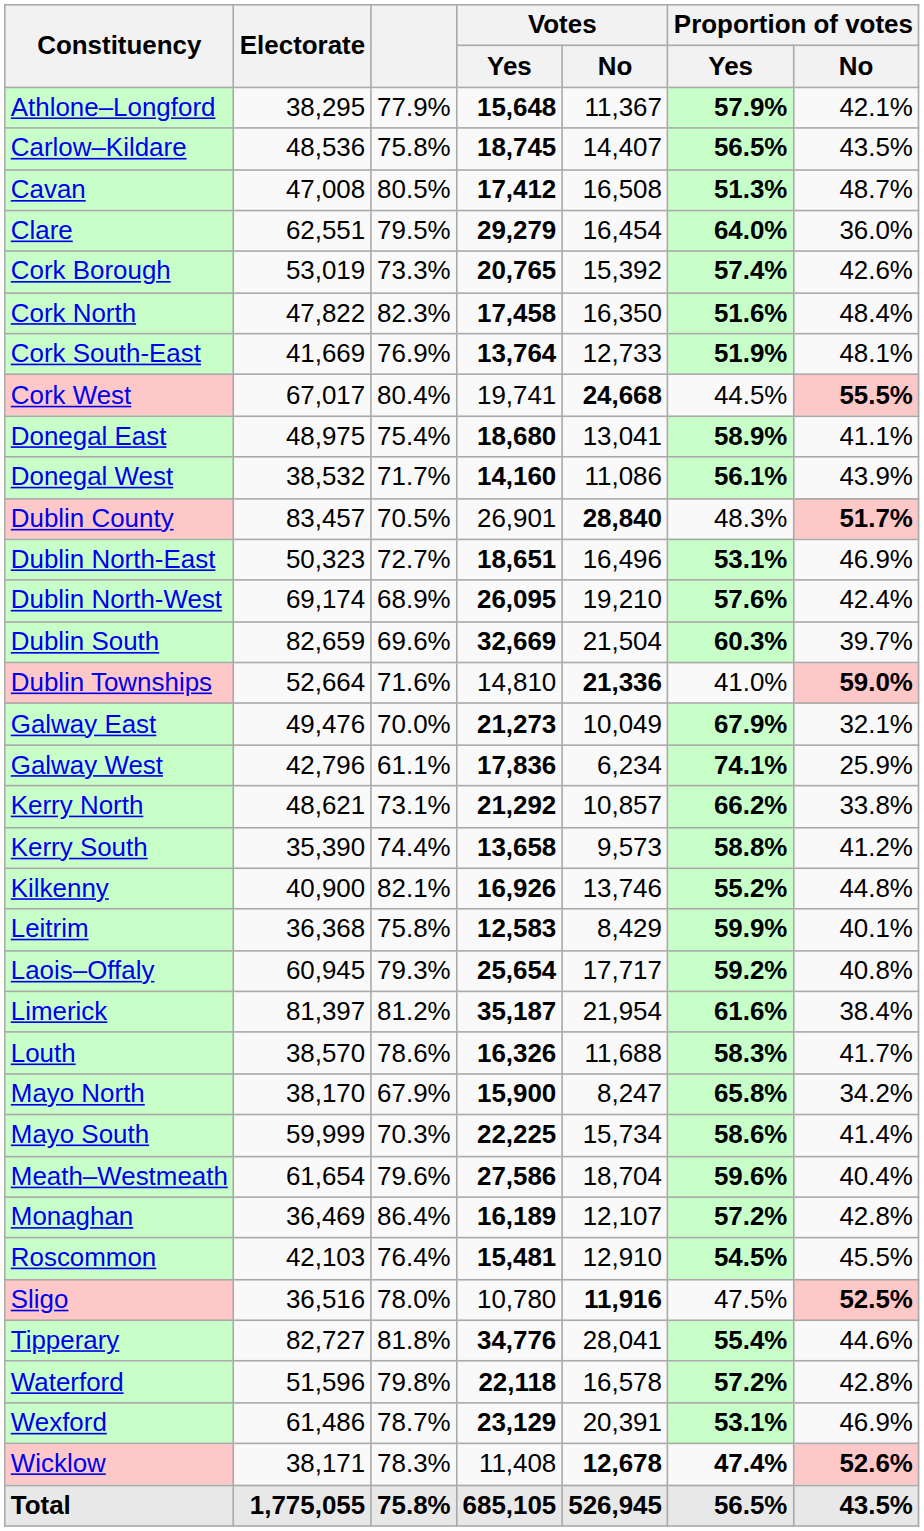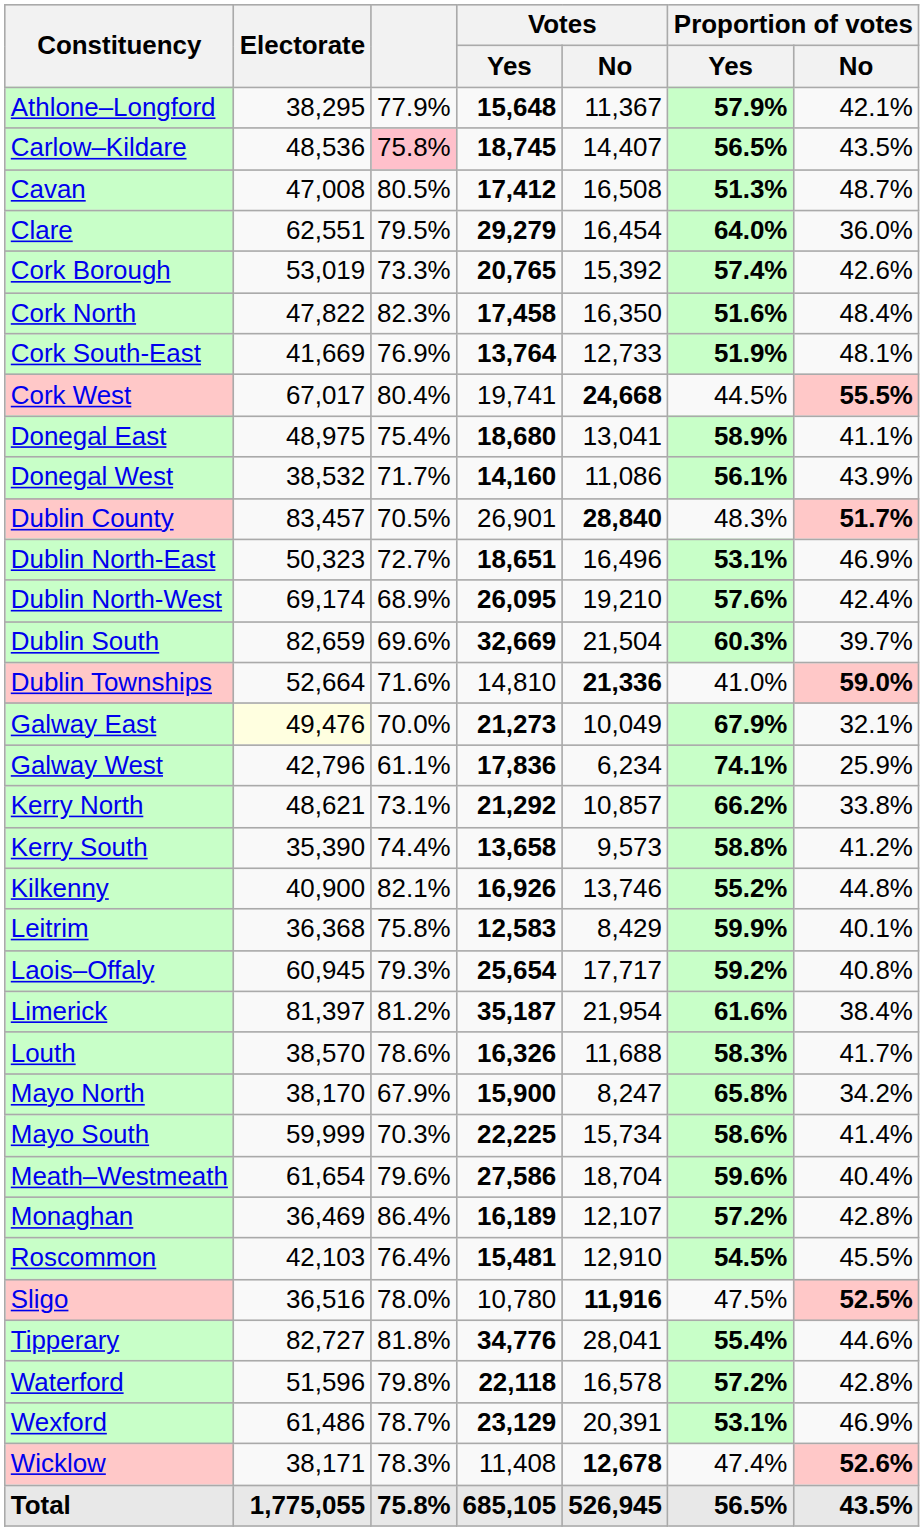 <table class="wikitable sortable">
 <tr>
 <th rowspan=2>Constituency</th>
 <th rowspan=2>Electorate</th>
 <th rowspan=2></th>
 <th colspan=2>Votes</th>
 <th colspan=2>Proportion of votes</th>
 </tr>
 <tr>
 <th>Yes</th>
 <th>No</th>
 <th>Yes</th>
 <th>No</th>
 </tr>
 <tr>
 <td style="background:#c8ffc8;"><a href='#'>Athlone–Longford</a></td>
 <td style="text-align: right;">38,295</td>
 <td style="text-align: right;">77.9%</td>
 <td style="text-align: right;"><strong>15,648</strong></td>
 <td style="text-align: right;">11,367</td>
 <td style="text-align: right; background:#c8ffc8;"><strong>57.9%</strong></td>
 <td style="text-align: right;">42.1%</td>
 </tr>
 <tr>
 <td style="background:#c8ffc8;"><a href='#'>Carlow–Kildare</a></td>
 <td style="text-align: right;">48,536</td>
-<td style="text-align: right;">75.8%</td>
+<td style="background: pink; text-align: right;">75.8%</td>
 <td style="text-align: right;"><strong>18,745</strong></td>
 <td style="text-align: right;">14,407</td>
 <td style="text-align: right; background:#c8ffc8;"><strong>56.5%</strong></td>
 <td style="text-align: right;">43.5%</td>
 </tr>
 <tr>
 <td style="background:#c8ffc8;"><a href='#'>Cavan</a></td>
 <td style="text-align: right;">47,008</td>
 <td style="text-align: right;">80.5%</td>
 <td style="text-align: right;"><strong>17,412</strong></td>
 <td style="text-align: right;">16,508</td>
 <td style="text-align: right; background:#c8ffc8;"><strong>51.3%</strong></td>
 <td style="text-align: right;">48.7%</td>
 </tr>
 <tr>
 <td style="background:#c8ffc8;"><a href='#'>Clare</a></td>
 <td style="text-align: right;">62,551</td>
 <td style="text-align: right;">79.5%</td>
 <td style="text-align: right;"><strong>29,279</strong></td>
 <td style="text-align: right;">16,454</td>
 <td style="text-align: right; background:#c8ffc8;"><strong>64.0%</strong></td>
 <td style="text-align: right;">36.0%</td>
 </tr>
 <tr>
 <td style="background:#c8ffc8;"><a href='#'>Cork Borough</a></td>
 <td style="text-align: right;">53,019</td>
 <td style="text-align: right;">73.3%</td>
 <td style="text-align: right;"><strong>20,765</strong></td>
 <td style="text-align: right;">15,392</td>
 <td style="text-align: right; background:#c8ffc8;"><strong>57.4%</strong></td>
 <td style="text-align: right;">42.6%</td>
 </tr>
 <tr>
 <td style="background:#c8ffc8;"><a href='#'>Cork North</a></td>
 <td style="text-align: right;">47,822</td>
 <td style="text-align: right;">82.3%</td>
 <td style="text-align: right;"><strong>17,458</strong></td>
 <td style="text-align: right;">16,350</td>
 <td style="text-align: right; background:#c8ffc8;"><strong>51.6%</strong></td>
 <td style="text-align: right;">48.4%</td>
 </tr>
 <tr>
 <td style="background:#c8ffc8;"><a href='#'>Cork South-East</a></td>
 <td style="text-align: right;">41,669</td>
 <td style="text-align: right;">76.9%</td>
 <td style="text-align: right;"><strong>13,764</strong></td>
 <td style="text-align: right;">12,733</td>
 <td style="text-align: right; background:#c8ffc8;"><strong>51.9%</strong></td>
 <td style="text-align: right;">48.1%</td>
 </tr>
 <tr>
 <td style="background:#ffc8c8;"><a href='#'>Cork West</a></td>
 <td style="text-align: right;">67,017</td>
 <td style="text-align: right;">80.4%</td>
 <td style="text-align: right;">19,741</td>
 <td style="text-align: right;"><strong>24,668</strong></td>
 <td style="text-align: right;">44.5%</td>
 <td style="text-align: right; background:#ffc8c8;"><strong>55.5%</strong></td>
 </tr>
 <tr>
 <td style="background:#c8ffc8;"><a href='#'>Donegal East</a></td>
 <td style="text-align: right;">48,975</td>
 <td style="text-align: right;">75.4%</td>
 <td style="text-align: right;"><strong>18,680</strong></td>
 <td style="text-align: right;">13,041</td>
 <td style="text-align: right; background:#c8ffc8;"><strong>58.9%</strong></td>
 <td style="text-align: right;">41.1%</td>
 </tr>
 <tr>
 <td style="background:#c8ffc8;"><a href='#'>Donegal West</a></td>
 <td style="text-align: right;">38,532</td>
 <td style="text-align: right;">71.7%</td>
 <td style="text-align: right;"><strong>14,160</strong></td>
 <td style="text-align: right;">11,086</td>
 <td style="text-align: right; background:#c8ffc8;"><strong>56.1%</strong></td>
 <td style="text-align: right;">43.9%</td>
 </tr>
 <tr>
 <td style="background:#ffc8c8;"><a href='#'>Dublin County</a></td>
 <td style="text-align: right;">83,457</td>
 <td style="text-align: right;">70.5%</td>
 <td style="text-align: right;">26,901</td>
 <td style="text-align: right;"><strong>28,840</strong></td>
 <td style="text-align: right;">48.3%</td>
 <td style="text-align: right; background:#ffc8c8;"><strong>51.7%</strong></td>
 </tr>
 <tr>
 <td style="background:#c8ffc8;"><a href='#'>Dublin North-East</a></td>
 <td style="text-align: right;">50,323</td>
 <td style="text-align: right;">72.7%</td>
 <td style="text-align: right;"><strong>18,651</strong></td>
 <td style="text-align: right;">16,496</td>
 <td style="text-align: right; background:#c8ffc8;"><strong>53.1%</strong></td>
 <td style="text-align: right;">46.9%</td>
 </tr>
 <tr>
 <td style="background:#c8ffc8;"><a href='#'>Dublin North-West</a></td>
 <td style="text-align: right;">69,174</td>
 <td style="text-align: right;">68.9%</td>
 <td style="text-align: right;"><strong>26,095</strong></td>
 <td style="text-align: right;">19,210</td>
 <td style="text-align: right; background:#c8ffc8;"><strong>57.6%</strong></td>
 <td style="text-align: right;">42.4%</td>
 </tr>
 <tr>
 <td style="background:#c8ffc8;"><a href='#'>Dublin South</a></td>
 <td style="text-align: right;">82,659</td>
 <td style="text-align: right;">69.6%</td>
 <td style="text-align: right;"><strong>32,669</strong></td>
 <td style="text-align: right;">21,504</td>
 <td style="text-align: right; background:#c8ffc8;"><strong>60.3%</strong></td>
 <td style="text-align: right;">39.7%</td>
 </tr>
 <tr>
 <td style="background:#ffc8c8;"><a href='#'>Dublin Townships</a></td>
 <td style="text-align: right;">52,664</td>
 <td style="text-align: right;">71.6%</td>
 <td style="text-align: right;">14,810</td>
 <td style="text-align: right;"><strong>21,336</strong></td>
 <td style="text-align: right;">41.0%</td>
 <td style="text-align: right; background:#ffc8c8;"><strong>59.0%</strong></td>
 </tr>
 <tr>
 <td style="background:#c8ffc8;"><a href='#'>Galway East</a></td>
-<td style="text-align: right;">49,476</td>
+<td style="background: lightyellow; text-align: right;">49,476</td>
 <td style="text-align: right;">70.0%</td>
 <td style="text-align: right;"><strong>21,273</strong></td>
 <td style="text-align: right;">10,049</td>
 <td style="text-align: right; background:#c8ffc8;"><strong>67.9%</strong></td>
 <td style="text-align: right;">32.1%</td>
 </tr>
 <tr>
 <td style="background:#c8ffc8;"><a href='#'>Galway West</a></td>
 <td style="text-align: right;">42,796</td>
 <td style="text-align: right;">61.1%</td>
 <td style="text-align: right;"><strong>17,836</strong></td>
 <td style="text-align: right;">6,234</td>
 <td style="text-align: right; background:#c8ffc8;"><strong>74.1%</strong></td>
 <td style="text-align: right;">25.9%</td>
 </tr>
 <tr>
 <td style="background:#c8ffc8;"><a href='#'>Kerry North</a></td>
 <td style="text-align: right;">48,621</td>
 <td style="text-align: right;">73.1%</td>
 <td style="text-align: right;"><strong>21,292</strong></td>
 <td style="text-align: right;">10,857</td>
 <td style="text-align: right; background:#c8ffc8;"><strong>66.2%</strong></td>
 <td style="text-align: right;">33.8%</td>
 </tr>
 <tr>
 <td style="background:#c8ffc8;"><a href='#'>Kerry South</a></td>
 <td style="text-align: right;">35,390</td>
 <td style="text-align: right;">74.4%</td>
 <td style="text-align: right;"><strong>13,658</strong></td>
 <td style="text-align: right;">9,573</td>
 <td style="text-align: right; background:#c8ffc8;"><strong>58.8%</strong></td>
 <td style="text-align: right;">41.2%</td>
 </tr>
 <tr>
 <td style="background:#c8ffc8;"><a href='#'>Kilkenny</a></td>
 <td style="text-align: right;">40,900</td>
 <td style="text-align: right;">82.1%</td>
 <td style="text-align: right;"><strong>16,926</strong></td>
 <td style="text-align: right;">13,746</td>
 <td style="text-align: right; background:#c8ffc8;"><strong>55.2%</strong></td>
 <td style="text-align: right;">44.8%</td>
 </tr>
 <tr>
 <td style="background:#c8ffc8;"><a href='#'>Leitrim</a></td>
 <td style="text-align: right;">36,368</td>
 <td style="text-align: right;">75.8%</td>
 <td style="text-align: right;"><strong>12,583</strong></td>
 <td style="text-align: right;">8,429</td>
 <td style="text-align: right; background:#c8ffc8;"><strong>59.9%</strong></td>
 <td style="text-align: right;">40.1%</td>
 </tr>
 <tr>
 <td style="background:#c8ffc8;"><a href='#'>Laois–Offaly</a></td>
 <td style="text-align: right;">60,945</td>
 <td style="text-align: right;">79.3%</td>
 <td style="text-align: right;"><strong>25,654</strong></td>
 <td style="text-align: right;">17,717</td>
 <td style="text-align: right; background:#c8ffc8;"><strong>59.2%</strong></td>
 <td style="text-align: right;">40.8%</td>
 </tr>
 <tr>
 <td style="background:#c8ffc8;"><a href='#'>Limerick</a></td>
 <td style="text-align: right;">81,397</td>
 <td style="text-align: right;">81.2%</td>
 <td style="text-align: right;"><strong>35,187</strong></td>
 <td style="text-align: right;">21,954</td>
 <td style="text-align: right; background:#c8ffc8;"><strong>61.6%</strong></td>
 <td style="text-align: right;">38.4%</td>
 </tr>
 <tr>
 <td style="background:#c8ffc8;"><a href='#'>Louth</a></td>
 <td style="text-align: right;">38,570</td>
 <td style="text-align: right;">78.6%</td>
 <td style="text-align: right;"><strong>16,326</strong></td>
 <td style="text-align: right;">11,688</td>
 <td style="text-align: right; background:#c8ffc8;"><strong>58.3%</strong></td>
 <td style="text-align: right;">41.7%</td>
 </tr>
 <tr>
 <td style="background:#c8ffc8;"><a href='#'>Mayo North</a></td>
 <td style="text-align: right;">38,170</td>
 <td style="text-align: right;">67.9%</td>
 <td style="text-align: right;"><strong>15,900</strong></td>
 <td style="text-align: right;">8,247</td>
 <td style="text-align: right; background:#c8ffc8;"><strong>65.8%</strong></td>
 <td style="text-align: right;">34.2%</td>
 </tr>
 <tr>
 <td style="background:#c8ffc8;"><a href='#'>Mayo South</a></td>
 <td style="text-align: right;">59,999</td>
 <td style="text-align: right;">70.3%</td>
 <td style="text-align: right;"><strong>22,225</strong></td>
 <td style="text-align: right;">15,734</td>
 <td style="text-align: right; background:#c8ffc8;"><strong>58.6%</strong></td>
 <td style="text-align: right;">41.4%</td>
 </tr>
 <tr>
 <td style="background:#c8ffc8;"><a href='#'>Meath–Westmeath</a></td>
 <td style="text-align: right;">61,654</td>
 <td style="text-align: right;">79.6%</td>
 <td style="text-align: right;"><strong>27,586</strong></td>
 <td style="text-align: right;">18,704</td>
 <td style="text-align: right; background:#c8ffc8;"><strong>59.6%</strong></td>
 <td style="text-align: right;">40.4%</td>
 </tr>
 <tr>
 <td style="background:#c8ffc8;"><a href='#'>Monaghan</a></td>
 <td style="text-align: right;">36,469</td>
 <td style="text-align: right;">86.4%</td>
 <td style="text-align: right;"><strong>16,189</strong></td>
 <td style="text-align: right;">12,107</td>
 <td style="text-align: right; background:#c8ffc8;"><strong>57.2%</strong></td>
 <td style="text-align: right;">42.8%</td>
 </tr>
 <tr>
 <td style="background:#c8ffc8;"><a href='#'>Roscommon</a></td>
 <td style="text-align: right;">42,103</td>
 <td style="text-align: right;">76.4%</td>
 <td style="text-align: right;"><strong>15,481</strong></td>
 <td style="text-align: right;">12,910</td>
 <td style="text-align: right; background:#c8ffc8;"><strong>54.5%</strong></td>
 <td style="text-align: right;">45.5%</td>
 </tr>
 <tr>
 <td style="background:#ffc8c8;"><a href='#'>Sligo</a></td>
 <td style="text-align: right;">36,516</td>
 <td style="text-align: right;">78.0%</td>
 <td style="text-align: right;">10,780</td>
 <td style="text-align: right;"><strong>11,916</strong></td>
 <td style="text-align: right;">47.5%</td>
 <td style="text-align: right; background:#ffc8c8;"><strong>52.5%</strong></td>
 </tr>
 <tr>
 <td style="background:#c8ffc8;"><a href='#'>Tipperary</a></td>
 <td style="text-align: right;">82,727</td>
 <td style="text-align: right;">81.8%</td>
 <td style="text-align: right;"><strong>34,776</strong></td>
 <td style="text-align: right;">28,041</td>
 <td style="text-align: right; background:#c8ffc8;"><strong>55.4%</strong></td>
 <td style="text-align: right;">44.6%</td>
 </tr>
 <tr>
 <td style="background:#c8ffc8;"><a href='#'>Waterford</a></td>
 <td style="text-align: right;">51,596</td>
 <td style="text-align: right;">79.8%</td>
 <td style="text-align: right;"><strong>22,118</strong></td>
 <td style="text-align: right;">16,578</td>
 <td style="text-align: right; background:#c8ffc8;"><strong>57.2%</strong></td>
 <td style="text-align: right;">42.8%</td>
 </tr>
 <tr>
 <td style="background:#c8ffc8;"><a href='#'>Wexford</a></td>
 <td style="text-align: right;">61,486</td>
 <td style="text-align: right;">78.7%</td>
 <td style="text-align: right;"><strong>23,129</strong></td>
 <td style="text-align: right;">20,391</td>
 <td style="text-align: right; background:#c8ffc8;"><strong>53.1%</strong></td>
 <td style="text-align: right;">46.9%</td>
 </tr>
 <tr>
 <td style="background:#ffc8c8;"><a href='#'>Wicklow</a></td>
 <td style="text-align: right;">38,171</td>
 <td style="text-align: right;">78.3%</td>
 <td style="text-align: right;">11,408</td>
 <td style="text-align: right;"><strong>12,678</strong></td>
-<td style="text-align: right;"><strong>47.4%</strong></td>
+<td style="text-align: right;">47.4%</td>
 <td style="text-align: right; background:#ffc8c8;"><strong>52.6%</strong></td>
 </tr>
 <tr class="sortbottom" style="font-weight:bold; background:rgb(232,232,232);">
 <td>Total</td>
 <td style="text-align: right;">1,775,055</td>
 <td style="text-align: right;">75.8%</td>
 <td style="text-align: right;">685,105</td>
 <td style="text-align: right;">526,945</td>
 <td style="text-align: right;">56.5%</td>
 <td style="text-align: right;">43.5%</td>
 </tr>
 </table>
